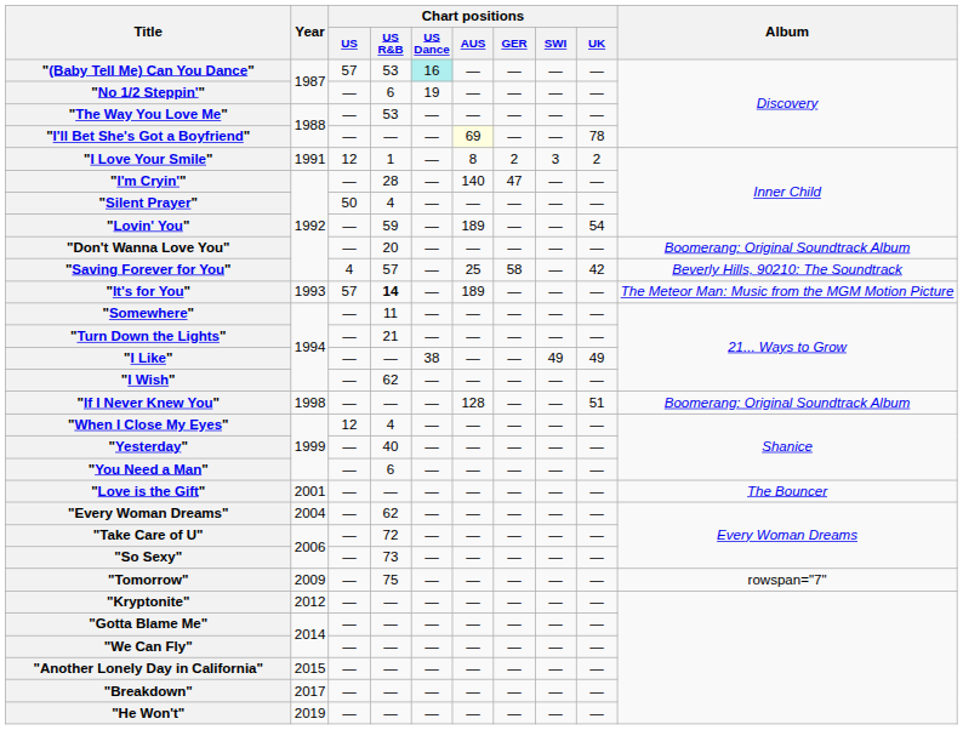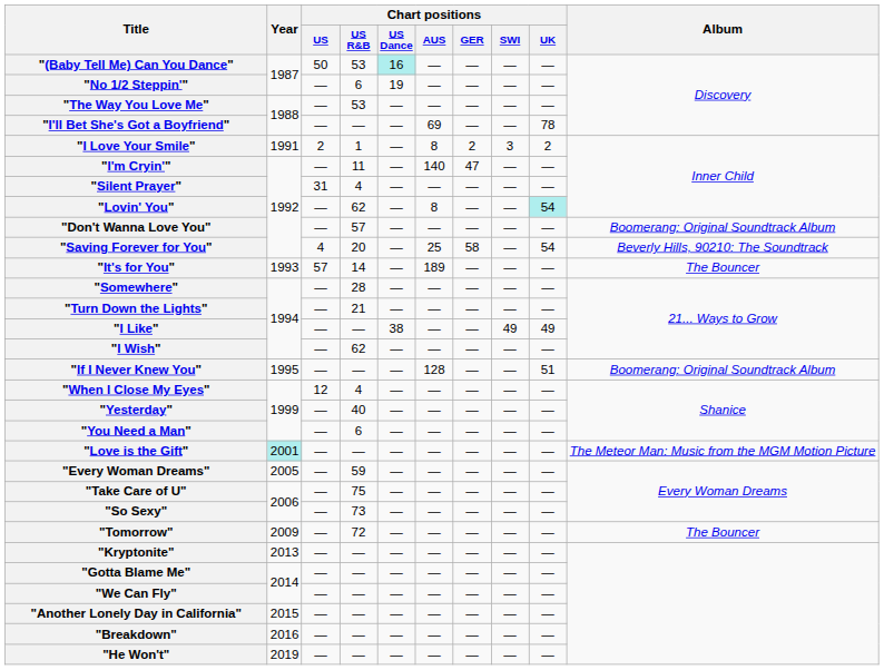 <table class="wikitable plainrowheaders" style="text-align:center;">
 <tr>
 <th scope="col" rowspan="2" style="width:20em;">Title</th>
 <th scope="col" rowspan="2">Year</th>
 <th scope="col" colspan="7">Chart positions</th>
 <th scope="col" rowspan="2">Album</th>
 </tr>
 <tr>
 <th style="width:3em;font-size:85%"><a href='#'>US</a><br></th>
 <th style="width:3em;font-size:85%"><a href='#'>US R&B</a><br></th>
 <th style="width:3em;font-size:85%"><a href='#'>US Dance</a><br></th>
 <th style="width:3em;font-size:85%"><a href='#'>AUS</a><br></th>
 <th style="width:3em;font-size:85%"><a href='#'>GER</a><br></th>
 <th style="width:3em;font-size:85%"><a href='#'>SWI</a><br></th>
 <th style="width:3em;font-size:85%"><a href='#'>UK</a><br></th>
 </tr>
 <tr>
 <th scope="row">"<a href='#'>(Baby Tell Me) Can You Dance</a>"</th>
 <td rowspan="2">1987</td>
-<td>57</td>
+<td>50</td>
 <td>53</td>
 <td style="background: paleturquoise;">16</td>
 <td>—</td>
 <td>—</td>
 <td>—</td>
 <td>—</td>
 <td rowspan="4"><em><a href='#'>Discovery</a></em></td>
 </tr>
 <tr>
 <th scope="row">"<a href='#'>No 1/2 Steppin'</a>"</th>
 <td>—</td>
 <td>6</td>
 <td>19</td>
 <td>—</td>
 <td>—</td>
 <td>—</td>
 <td>—</td>
 </tr>
 <tr>
 <th scope="row">"<a href='#'>The Way You Love Me</a>"</th>
 <td rowspan="2">1988</td>
 <td>—</td>
 <td>53</td>
 <td>—</td>
 <td>—</td>
 <td>—</td>
 <td>—</td>
 <td>—</td>
 </tr>
 <tr>
 <th scope="row">"<a href='#'>I'll Bet She's Got a Boyfriend</a>"</th>
 <td>—</td>
 <td>—</td>
 <td>—</td>
-<td style="background: lightyellow;">69</td>
+<td>69</td>
 <td>—</td>
 <td>—</td>
 <td>78</td>
 </tr>
 <tr>
 <th scope="row">"<a href='#'>I Love Your Smile</a>"</th>
 <td>1991</td>
-<td>12</td>
+<td>2</td>
 <td>1</td>
 <td>—</td>
 <td>8</td>
 <td>2</td>
 <td>3</td>
 <td>2</td>
 <td rowspan="4"><em><a href='#'>Inner Child</a></em></td>
 </tr>
 <tr>
 <th scope="row">"<a href='#'>I'm Cryin'</a>"</th>
 <td rowspan="5">1992</td>
 <td>—</td>
-<td>28</td>
+<td>11</td>
 <td>—</td>
 <td>140</td>
 <td>47</td>
 <td>—</td>
 <td>—</td>
 </tr>
 <tr>
 <th scope="row">"<a href='#'>Silent Prayer</a>" </th>
-<td>50</td>
+<td>31</td>
 <td>4</td>
 <td>—</td>
 <td>—</td>
 <td>—</td>
 <td>—</td>
 <td>—</td>
 </tr>
 <tr>
 <th scope="row">"<a href='#'>Lovin' You</a>"</th>
 <td>—</td>
-<td>59</td>
+<td>62</td>
 <td>—</td>
-<td>189</td>
+<td>8</td>
 <td>—</td>
 <td>—</td>
-<td>54</td>
+<td style="background: paleturquoise;">54</td>
 </tr>
 <tr>
 <th scope="row">"Don't Wanna Love You"</th>
 <td>—</td>
-<td>20</td>
+<td>57</td>
 <td>—</td>
 <td>—</td>
 <td>—</td>
 <td>—</td>
 <td>—</td>
 <td><em><a href='#'>Boomerang: Original Soundtrack Album</a></em></td>
 </tr>
 <tr>
 <th scope="row">"<a href='#'>Saving Forever for You</a>"</th>
 <td>4</td>
-<td>57</td>
+<td>20</td>
 <td>—</td>
 <td>25</td>
 <td>58</td>
 <td>—</td>
-<td>42</td>
+<td>54</td>
 <td><em><a href='#'>Beverly Hills, 90210: The Soundtrack</a></em></td>
 </tr>
 <tr>
 <th scope="row">"<a href='#'>It's for You</a>"</th>
 <td>1993</td>
 <td>57</td>
-<td><strong>14</strong></td>
+<td>14</td>
 <td>—</td>
 <td>189</td>
 <td>—</td>
 <td>—</td>
 <td>—</td>
-<td><em><a href='#'>The Meteor Man: Music from the MGM Motion Picture</a></em></td>
+<td><em><a href='#'>The Bouncer</a></em></td>
 </tr>
 <tr>
 <th scope="row">"<a href='#'>Somewhere</a>"</th>
 <td rowspan="4">1994</td>
 <td>—</td>
-<td>11</td>
+<td>28</td>
 <td>—</td>
 <td>—</td>
 <td>—</td>
 <td>—</td>
 <td>—</td>
 <td rowspan="4"><em><a href='#'>21... Ways to Grow</a></em></td>
 </tr>
 <tr>
 <th scope="row">"<a href='#'>Turn Down the Lights</a>"</th>
 <td>—</td>
 <td>21</td>
 <td>—</td>
 <td>—</td>
 <td>—</td>
 <td>—</td>
 <td>—</td>
 </tr>
 <tr>
 <th scope="row">"<a href='#'>I Like</a>"</th>
 <td>—</td>
 <td>—</td>
 <td>38</td>
 <td>—</td>
 <td>—</td>
 <td>49</td>
 <td>49</td>
 </tr>
 <tr>
 <th scope="row">"<a href='#'>I Wish</a>"</th>
 <td>—</td>
 <td>62</td>
 <td>—</td>
 <td>—</td>
 <td>—</td>
 <td>—</td>
 <td>—</td>
 </tr>
 <tr>
 <th scope="row">"<a href='#'>If I Never Knew You</a>" </th>
-<td>1998</td>
+<td>1995</td>
 <td>—</td>
 <td>—</td>
 <td>—</td>
 <td>128</td>
 <td>—</td>
 <td>—</td>
 <td>51</td>
 <td><em><a href='#'>Boomerang: Original Soundtrack Album</a></em></td>
 </tr>
 <tr>
 <th scope="row">"<a href='#'>When I Close My Eyes</a>"</th>
 <td rowspan="3">1999</td>
 <td>12</td>
 <td>4</td>
 <td>—</td>
 <td>—</td>
 <td>—</td>
 <td>—</td>
 <td>—</td>
 <td rowspan="3"><em><a href='#'>Shanice</a></em></td>
 </tr>
 <tr>
 <th scope="row">"<a href='#'>Yesterday</a>"</th>
 <td>—</td>
 <td>40</td>
 <td>—</td>
 <td>—</td>
 <td>—</td>
 <td>—</td>
 <td>—</td>
 </tr>
 <tr>
 <th scope="row">"<a href='#'>You Need a Man</a>"</th>
 <td>—</td>
 <td>6</td>
 <td>—</td>
 <td>—</td>
 <td>—</td>
 <td>—</td>
 <td>—</td>
 </tr>
 <tr>
 <th scope="row">"<a href='#'>Love is the Gift</a>"</th>
-<td>2001</td>
+<td style="background: paleturquoise;">2001</td>
 <td>—</td>
 <td>—</td>
 <td>—</td>
 <td>—</td>
 <td>—</td>
 <td>—</td>
 <td>—</td>
-<td><em><a href='#'>The Bouncer</a></em></td>
+<td><em><a href='#'>The Meteor Man: Music from the MGM Motion Picture</a></em></td>
 </tr>
 <tr>
 <th scope="row">"Every Woman Dreams"</th>
-<td>2004</td>
+<td>2005</td>
 <td>—</td>
-<td>62</td>
+<td>59</td>
 <td>—</td>
 <td>—</td>
 <td>—</td>
 <td>—</td>
 <td>—</td>
 <td rowspan="3"><em><a href='#'>Every Woman Dreams</a></em></td>
 </tr>
 <tr>
 <th scope="row">"Take Care of U"</th>
 <td rowspan="2">2006</td>
 <td>—</td>
-<td>72</td>
+<td>75</td>
 <td>—</td>
 <td>—</td>
 <td>—</td>
 <td>—</td>
 <td>—</td>
 </tr>
 <tr>
 <th scope="row">"So Sexy" </th>
 <td>—</td>
 <td>73</td>
 <td>—</td>
 <td>—</td>
 <td>—</td>
 <td>—</td>
 <td>—</td>
 </tr>
 <tr>
 <th scope="row">"Tomorrow"</th>
 <td>2009</td>
 <td>—</td>
-<td>75</td>
+<td>72</td>
 <td>—</td>
 <td>—</td>
 <td>—</td>
 <td>—</td>
 <td>—</td>
-<td>rowspan="7" </td>
+<td><em><a href='#'>The Bouncer</a></em></td>
 </tr>
 <tr>
 <th scope="row">"Kryptonite"</th>
-<td>2012</td>
+<td>2013</td>
 <td>—</td>
 <td>—</td>
 <td>—</td>
 <td>—</td>
 <td>—</td>
 <td>—</td>
 <td>—</td>
 </tr>
 <tr>
 <th scope="row">"Gotta Blame Me"</th>
 <td rowspan="2">2014</td>
 <td>—</td>
 <td>—</td>
 <td>—</td>
 <td>—</td>
 <td>—</td>
 <td>—</td>
 <td>—</td>
 </tr>
 <tr>
 <th scope="row">"We Can Fly"</th>
 <td>—</td>
 <td>—</td>
 <td>—</td>
 <td>—</td>
 <td>—</td>
 <td>—</td>
 <td>—</td>
 </tr>
 <tr>
 <th scope="row">"Another Lonely Day in California"</th>
 <td>2015</td>
 <td>—</td>
 <td>—</td>
 <td>—</td>
 <td>—</td>
 <td>—</td>
 <td>—</td>
 <td>—</td>
 </tr>
 <tr>
 <th scope="row">"Breakdown"</th>
-<td>2017</td>
+<td>2016</td>
 <td>—</td>
 <td>—</td>
 <td>—</td>
 <td>—</td>
 <td>—</td>
 <td>—</td>
 <td>—</td>
 </tr>
 <tr>
 <th scope="row">"He Won't"</th>
 <td>2019</td>
 <td>—</td>
 <td>—</td>
 <td>—</td>
 <td>—</td>
 <td>—</td>
 <td>—</td>
 <td>—</td>
 </tr>
 </table>
